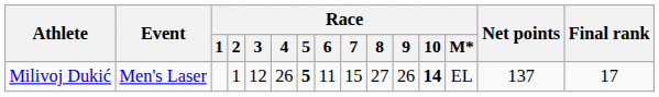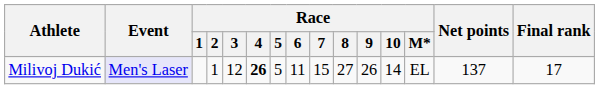 <table class="wikitable" style="font-size:90%">
 <tr>
 <th rowspan="2">Athlete</th>
 <th rowspan="2">Event</th>
 <th colspan=11>Race</th>
 <th rowspan=2>Net points</th>
 <th rowspan=2>Final rank</th>
 </tr>
 <tr style="font-size:95%">
 <th>1</th>
 <th>2</th>
 <th>3</th>
 <th>4</th>
 <th>5</th>
 <th>6</th>
 <th>7</th>
 <th>8</th>
 <th>9</th>
 <th>10</th>
 <th>M*</th>
 </tr>
 <tr align=center>
 <td align=left><a href='#'>Milivoj Dukić</a></td>
-<td align=left><a href='#'>Men's Laser</a></td>
+<td align=left style="background: lavender;"><a href='#'>Men's Laser</a></td>
 <td></td>
 <td>1</td>
 <td>12</td>
-<td>26</td>
-<td><strong>5</strong></td>
+<td><strong>26</strong></td>
+<td>5</td>
 <td>11</td>
 <td>15</td>
 <td>27</td>
 <td>26</td>
-<td><strong>14</strong></td>
+<td>14</td>
 <td>EL</td>
 <td>137</td>
 <td>17</td>
 </tr>
 </table>
